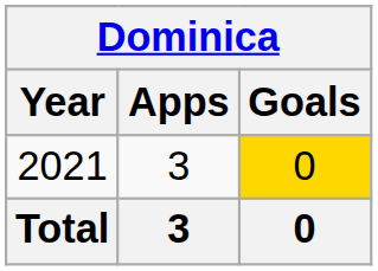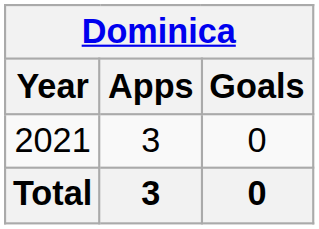 <table class="wikitable" style="text-align:center">
 <tr>
 <th colspan=3><a href='#'>Dominica</a></th>
 </tr>
 <tr>
 <th>Year</th>
 <th>Apps</th>
 <th>Goals</th>
 </tr>
 <tr>
 <td>2021</td>
 <td>3</td>
-<td style="background: gold;">0</td>
+<td>0</td>
 </tr>
 <tr>
 <th>Total</th>
 <th>3</th>
 <th>0</th>
 </tr>
 </table>
